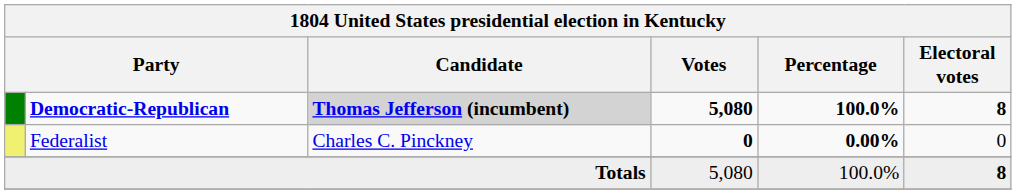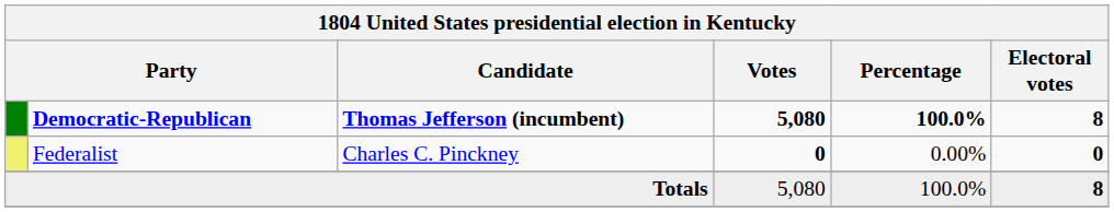 <table class="wikitable" style="font-size: 95%;">
 <tr>
 <th colspan="6">1804 United States presidential election in Kentucky</th>
 </tr>
 <tr>
 <th colspan="2" style="width: 15em">Party</th>
 <th style="width: 17em">Candidate</th>
 <th style="width: 5em">Votes</th>
 <th style="width: 7em">Percentage</th>
 <th style="width: 5em">Electoral votes</th>
 </tr>
 <tr>
 <th style="background-color:#008000; width: 3px"></th>
 <td style="width: 130px"><strong><a href='#'>Democratic-Republican</a></strong></td>
-<td style="background: lightgrey;"><strong><a href='#'>Thomas Jefferson</a> (incumbent)</strong></td>
+<td><strong><a href='#'>Thomas Jefferson</a> (incumbent)</strong></td>
 <td align="right"><strong>5,080</strong></td>
 <td align="right"><strong>100.0%</strong></td>
 <td align="right"><strong>8</strong></td>
 </tr>
 <tr>
 <th style="background-color:#F0F071; width: 3px"></th>
 <td style="width: 130px"><a href='#'>Federalist</a></td>
 <td><a href='#'>Charles C. Pinckney</a></td>
 <td align="right"><strong>0</strong></td>
-<td align="right"><strong>0.00%</strong></td>
-<td align="right">0</td>
+<td align="right">0.00%</td>
+<td align="right"><strong>0</strong></td>
 </tr>
 <tr>
 </tr>
 <tr bgcolor="#EEEEEE">
 <td colspan="3" align="right"><strong>Totals</strong></td>
 <td align="right">5,080</td>
 <td align="right">100.0%</td>
 <td align="right"><strong>8</strong></td>
 </tr>
 <tr>
 </tr>
 </table>
